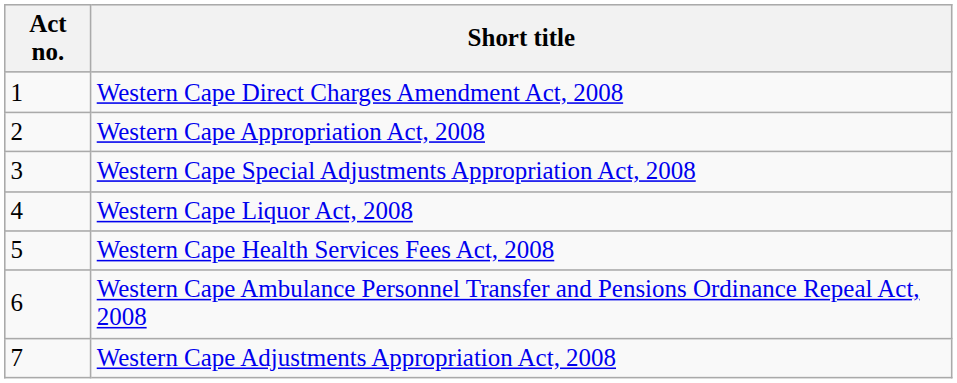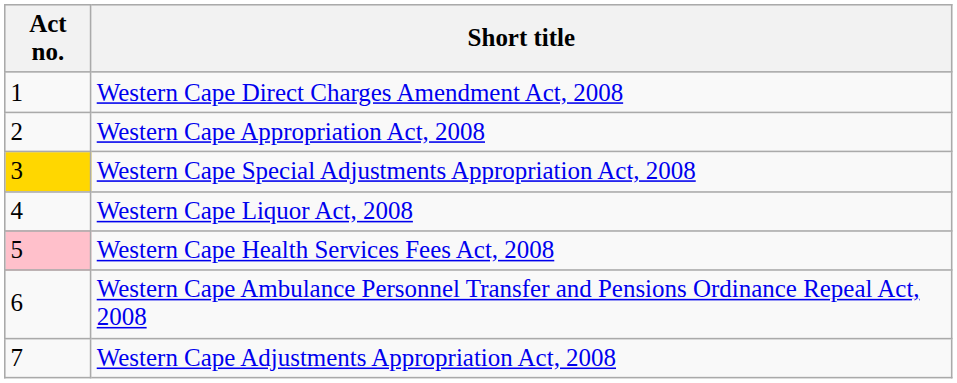 <table class="wikitable">
 <tr>
 <th>Act no.</th>
 <th>Short title</th>
 </tr>
 <tr>
 <td>1</td>
 <td><a href='#'>Western Cape Direct Charges Amendment Act, 2008</a></td>
 </tr>
 <tr>
 <td>2</td>
 <td><a href='#'>Western Cape Appropriation Act, 2008</a></td>
 </tr>
 <tr>
-<td>3</td>
+<td style="background: gold;">3</td>
 <td><a href='#'>Western Cape Special Adjustments Appropriation Act, 2008</a></td>
 </tr>
 <tr>
 <td>4</td>
 <td><a href='#'>Western Cape Liquor Act, 2008</a></td>
 </tr>
 <tr>
-<td>5</td>
+<td style="background: pink;">5</td>
 <td><a href='#'>Western Cape Health Services Fees Act, 2008</a></td>
 </tr>
 <tr>
 <td>6</td>
 <td><a href='#'>Western Cape Ambulance Personnel Transfer and Pensions Ordinance Repeal Act, 2008</a></td>
 </tr>
 <tr>
 <td>7</td>
 <td><a href='#'>Western Cape Adjustments Appropriation Act, 2008</a></td>
 </tr>
 </table>
